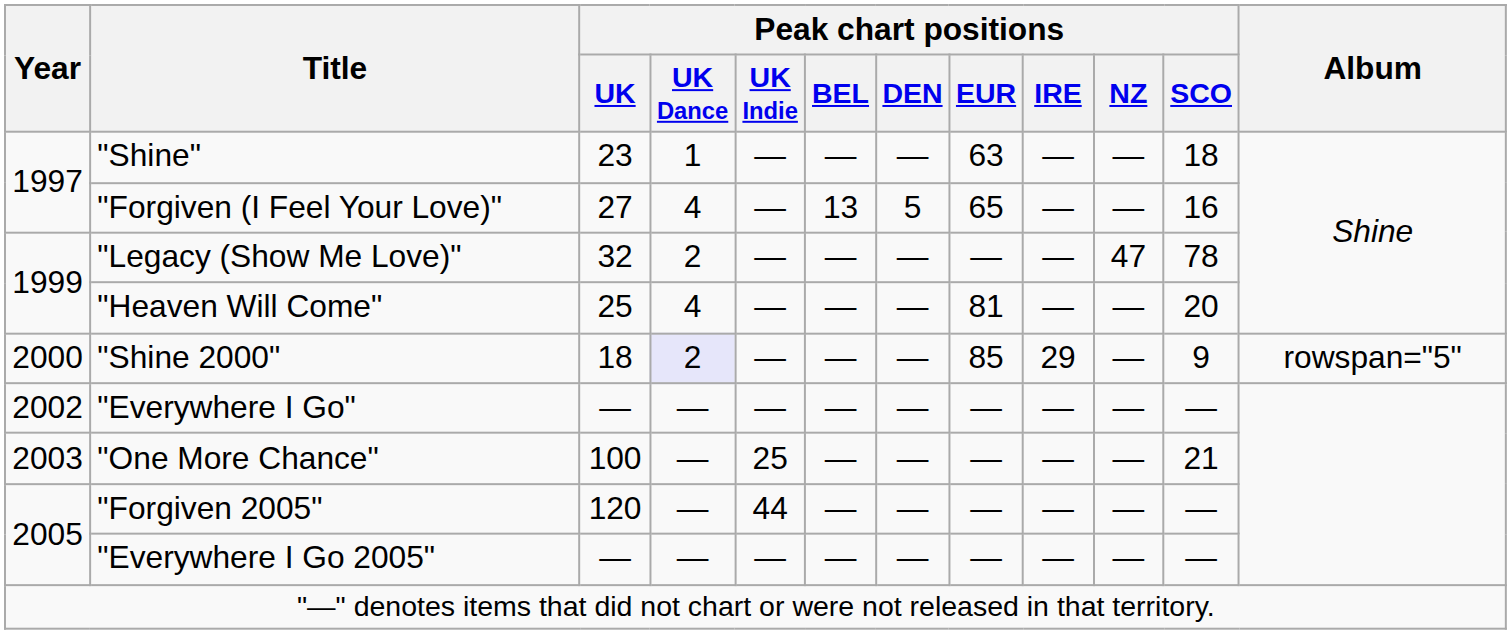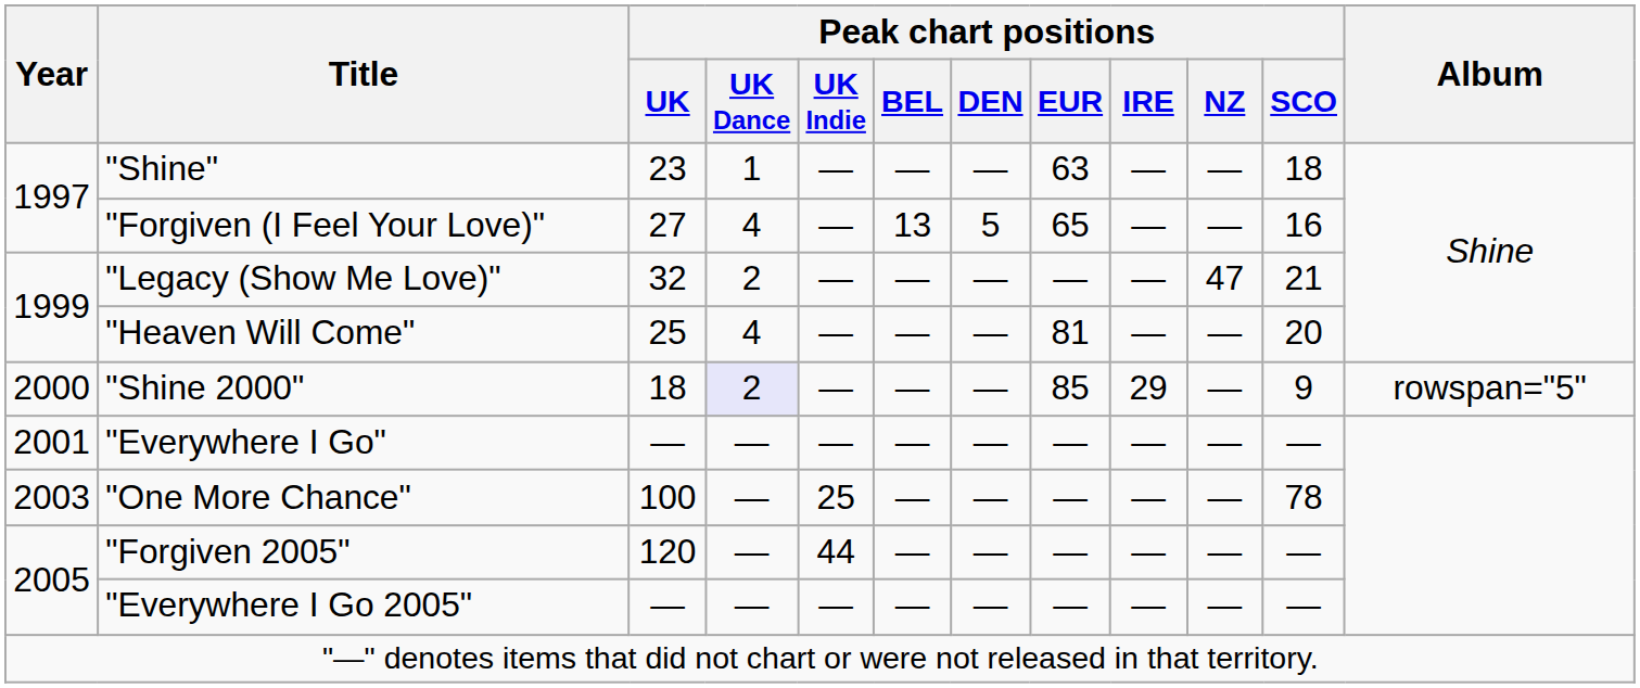 <table class="wikitable" style="text-align:center;">
 <tr>
 <th rowspan="2" style="width:2em;">Year</th>
 <th rowspan="2" style="width:15em;">Title</th>
 <th colspan="9">Peak chart positions</th>
 <th rowspan="2" style="width:8em;">Album</th>
 </tr>
 <tr>
 <th style="width:2em;font-size:90%;"><a href='#'>UK</a><br></th>
 <th style="width:2em;font-size:90%;"><a href='#'>UK<br><small>Dance</small></a><br></th>
 <th style="width:2em;font-size:90%;"><a href='#'>UK<br><small>Indie</small></a><br></th>
 <th style="width:2em;font-size:90%;"><a href='#'>BEL</a><br></th>
 <th style="width:2em;font-size:90%;"><a href='#'>DEN</a><br></th>
 <th style="width:2em;font-size:90%;"><a href='#'>EUR</a><br></th>
 <th style="width:2em;font-size:90%;"><a href='#'>IRE</a><br></th>
 <th style="width:2em;font-size:90%;"><a href='#'>NZ</a><br></th>
 <th style="width:2em;font-size:90%;"><a href='#'>SCO</a><br></th>
 </tr>
 <tr>
 <td rowspan="2">1997</td>
 <td style="text-align:left;">"Shine"</td>
 <td>23</td>
 <td>1</td>
 <td>—</td>
 <td>—</td>
 <td>—</td>
 <td>63</td>
 <td>—</td>
 <td>—</td>
 <td>18</td>
 <td rowspan="4"><em>Shine</em></td>
 </tr>
 <tr>
 <td style="text-align:left;">"Forgiven (I Feel Your Love)"</td>
 <td>27</td>
 <td>4</td>
 <td>—</td>
 <td>13</td>
 <td>5</td>
 <td>65</td>
 <td>—</td>
 <td>—</td>
 <td>16</td>
 </tr>
 <tr>
 <td rowspan="2">1999</td>
 <td style="text-align:left;">"Legacy (Show Me Love)"</td>
 <td>32</td>
 <td>2</td>
 <td>—</td>
 <td>—</td>
 <td>—</td>
 <td>—</td>
 <td>—</td>
 <td>47</td>
-<td>78</td>
+<td>21</td>
 </tr>
 <tr>
 <td style="text-align:left;">"Heaven Will Come"</td>
 <td>25</td>
 <td>4</td>
 <td>—</td>
 <td>—</td>
 <td>—</td>
 <td>81</td>
 <td>—</td>
 <td>—</td>
 <td>20</td>
 </tr>
 <tr>
 <td>2000</td>
 <td style="text-align:left;">"Shine 2000"</td>
 <td>18</td>
 <td style="background: lavender;">2</td>
 <td>—</td>
 <td>—</td>
 <td>—</td>
 <td>85</td>
 <td>29</td>
 <td>—</td>
 <td>9</td>
 <td>rowspan="5" </td>
 </tr>
 <tr>
-<td>2002</td>
+<td>2001</td>
 <td style="text-align:left;">"Everywhere I Go"</td>
 <td>—</td>
 <td>—</td>
 <td>—</td>
 <td>—</td>
 <td>—</td>
 <td>—</td>
 <td>—</td>
 <td>—</td>
 <td>—</td>
 </tr>
 <tr>
 <td>2003</td>
 <td style="text-align:left;">"One More Chance"</td>
 <td>100</td>
 <td>—</td>
 <td>25</td>
 <td>—</td>
 <td>—</td>
 <td>—</td>
 <td>—</td>
 <td>—</td>
-<td>21</td>
+<td>78</td>
 </tr>
 <tr>
 <td rowspan="2">2005</td>
 <td style="text-align:left;">"Forgiven 2005"</td>
 <td>120</td>
 <td>—</td>
 <td>44</td>
 <td>—</td>
 <td>—</td>
 <td>—</td>
 <td>—</td>
 <td>—</td>
 <td>—</td>
 </tr>
 <tr>
 <td style="text-align:left;">"Everywhere I Go 2005"</td>
 <td>—</td>
 <td>—</td>
 <td>—</td>
 <td>—</td>
 <td>—</td>
 <td>—</td>
 <td>—</td>
 <td>—</td>
 <td>—</td>
 </tr>
 <tr>
 <td colspan="15" style="font-size:90%">"—" denotes items that did not chart or were not released in that territory.</td>
 </tr>
 </table>
